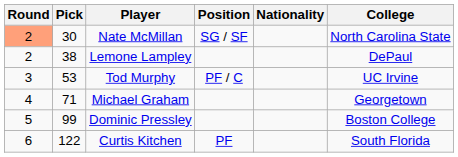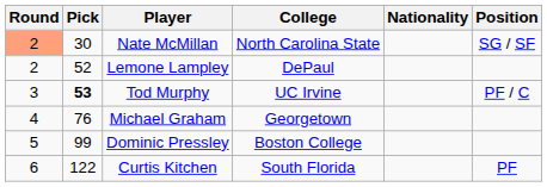 <table class="wikitable sortable sortable">
 <tr>
 <th>Round</th>
 <th>Pick</th>
 <th>Player</th>
+<th>College</th>
+<th>Nationality</th>
 <th>Position</th>
-<th>Nationality</th>
-<th>College</th>
 </tr>
 <tr style="text-align: center">
 <td style="background: lightsalmon;">2</td>
 <td>30</td>
 <td><a href='#'>Nate McMillan</a></td>
+<td><a href='#'>North Carolina State</a></td>
+<td></td>
 <td><a href='#'>SG</a> / <a href='#'>SF</a></td>
-<td></td>
-<td><a href='#'>North Carolina State</a></td>
 </tr>
 <tr style="text-align: center">
 <td>2</td>
-<td>38</td>
+<td>52</td>
 <td><a href='#'>Lemone Lampley</a></td>
+<td><a href='#'>DePaul</a></td>
 <td></td>
 <td></td>
-<td><a href='#'>DePaul</a></td>
 </tr>
 <tr style="text-align: center">
 <td>3</td>
-<td>53</td>
+<td><strong>53</strong></td>
 <td><a href='#'>Tod Murphy</a></td>
+<td><a href='#'>UC Irvine</a></td>
+<td></td>
 <td><a href='#'>PF</a> / <a href='#'>C</a></td>
-<td></td>
-<td><a href='#'>UC Irvine</a></td>
 </tr>
 <tr style="text-align: center">
 <td>4</td>
-<td>71</td>
+<td>76</td>
 <td><a href='#'>Michael Graham</a></td>
+<td><a href='#'>Georgetown</a></td>
 <td></td>
 <td></td>
-<td><a href='#'>Georgetown</a></td>
 </tr>
 <tr style="text-align: center">
 <td>5</td>
 <td>99</td>
 <td><a href='#'>Dominic Pressley</a></td>
+<td><a href='#'>Boston College</a></td>
 <td></td>
 <td></td>
-<td><a href='#'>Boston College</a></td>
 </tr>
 <tr style="text-align: center">
 <td>6</td>
 <td>122</td>
 <td><a href='#'>Curtis Kitchen</a></td>
+<td><a href='#'>South Florida</a></td>
+<td></td>
 <td><a href='#'>PF</a></td>
-<td></td>
-<td><a href='#'>South Florida</a></td>
 </tr>
 </table>
